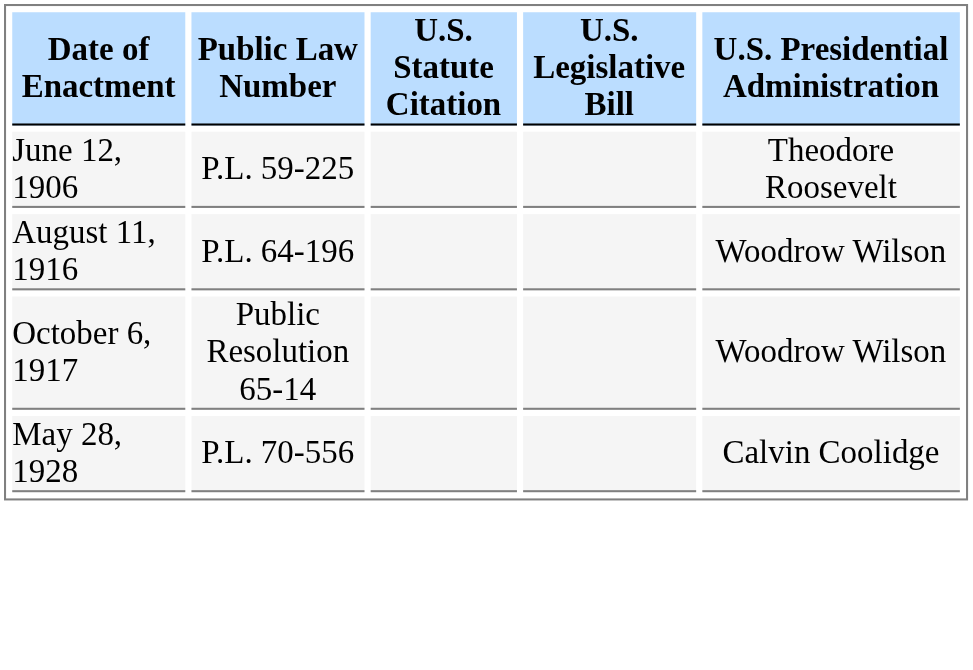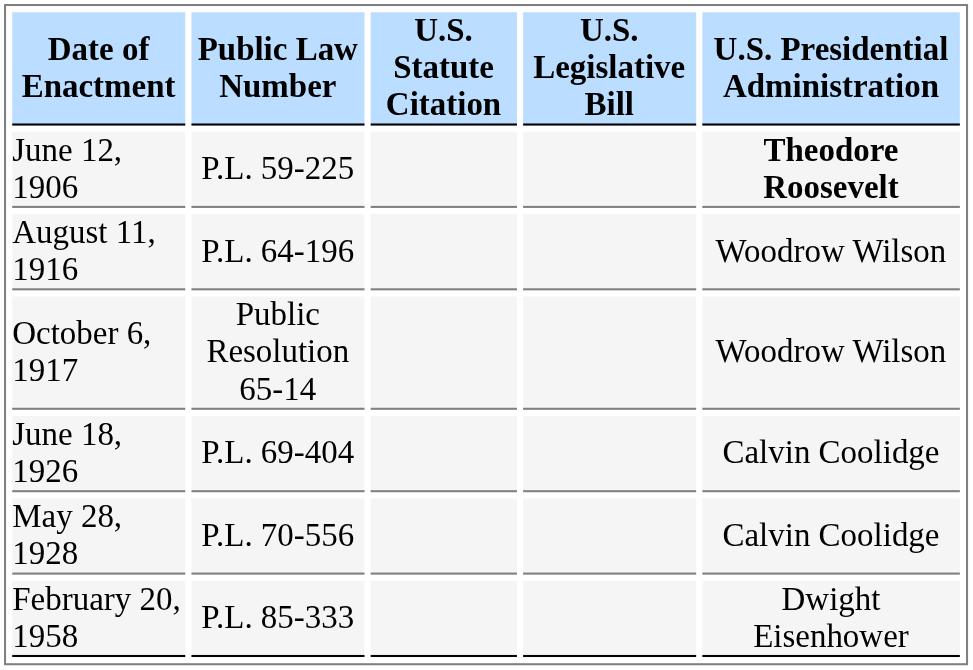 <table style="border:1px solid gray; align:left; width:75%" cellspacing=3 cellpadding=0>
 <tr style="font-weight:bold; text-align:center; background:#bbddff; color:black;">
 <th style=" border-bottom:1.5px solid black">Date of Enactment</th>
 <th style=" border-bottom:1.5px solid black">Public Law Number</th>
 <th style=" border-bottom:1.5px solid black">U.S. Statute Citation</th>
 <th style=" border-bottom:1.5px solid black">U.S. Legislative Bill</th>
 <th style=" border-bottom:1.5px solid black">U.S. Presidential Administration</th>
 </tr>
 <tr>
 <td style="border-bottom:1px solid gray; background:#F5F5F5;">June 12, 1906</td>
 <td style="border-bottom:1px solid gray; background:#F5F5F5; text-align:center;">P.L. 59-225</td>
 <td style="border-bottom:1px solid gray; background:#F5F5F5; text-align:center;"></td>
 <td style="border-bottom:1px solid gray; background:#F5F5F5; text-align:center;"></td>
-<td style="border-bottom:1px solid gray; background:#F5F5F5; text-align:center;">Theodore Roosevelt</td>
+<td style="border-bottom:1px solid gray; background:#F5F5F5; text-align:center;"><strong>Theodore Roosevelt</strong></td>
 </tr>
 <tr>
 <td style="border-bottom:1px solid gray; background:#F5F5F5;">August 11, 1916</td>
 <td style="border-bottom:1px solid gray; background:#F5F5F5; text-align:center;">P.L. 64-196</td>
 <td style="border-bottom:1px solid gray; background:#F5F5F5; text-align:center;"></td>
 <td style="border-bottom:1px solid gray; background:#F5F5F5; text-align:center;"></td>
 <td style="border-bottom:1px solid gray; background:#F5F5F5; text-align:center;">Woodrow Wilson</td>
 </tr>
 <tr>
 <td style="border-bottom:1px solid gray; background:#F5F5F5;">October 6, 1917</td>
 <td style="border-bottom:1px solid gray; background:#F5F5F5; text-align:center;">Public Resolution 65-14</td>
 <td style="border-bottom:1px solid gray; background:#F5F5F5; text-align:center;"></td>
 <td style="border-bottom:1px solid gray; background:#F5F5F5; text-align:center;"></td>
 <td style="border-bottom:1px solid gray; background:#F5F5F5; text-align:center;">Woodrow Wilson</td>
 </tr>
 <tr>
+<td style="border-bottom:1px solid gray; background:#F5F5F5;">June 18, 1926</td>
+<td style="border-bottom:1px solid gray; background:#F5F5F5; text-align:center;">P.L. 69-404</td>
+<td style="border-bottom:1px solid gray; background:#F5F5F5; text-align:center;"></td>
+<td style="border-bottom:1px solid gray; background:#F5F5F5; text-align:center;"></td>
+<td style="border-bottom:1px solid gray; background:#F5F5F5; text-align:center;">Calvin Coolidge</td>
+</tr>
+<tr>
 <td style="border-bottom:1px solid gray; background:#F5F5F5;">May 28, 1928</td>
 <td style="border-bottom:1px solid gray; background:#F5F5F5; text-align:center;">P.L. 70-556</td>
 <td style="border-bottom:1px solid gray; background:#F5F5F5; text-align:center;"></td>
 <td style="border-bottom:1px solid gray; background:#F5F5F5; text-align:center;"></td>
 <td style="border-bottom:1px solid gray; background:#F5F5F5; text-align:center;">Calvin Coolidge</td>
 </tr>
+<tr>
+<td style="border-bottom:1.5px solid black; background:#F5F5F5;">February 20, 1958</td>
+<td style="border-bottom:1.5px solid black; background:#F5F5F5; text-align:center;">P.L. 85-333</td>
+<td style="border-bottom:1.5px solid black; background:#F5F5F5; text-align:center;"></td>
+<td style="border-bottom:1.5px solid black; background:#F5F5F5; text-align:center;"></td>
+<td style="border-bottom:1.5px solid black; background:#F5F5F5; text-align:center;">Dwight Eisenhower</td>
+</tr>
 </table>
